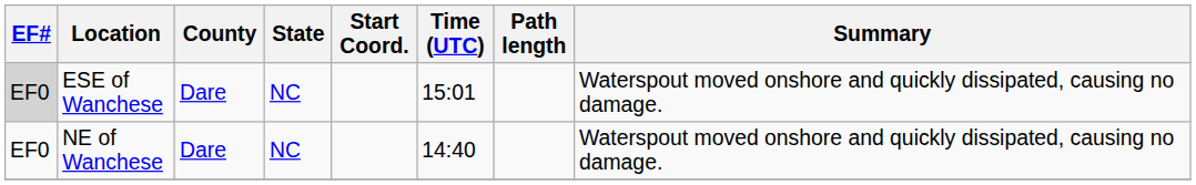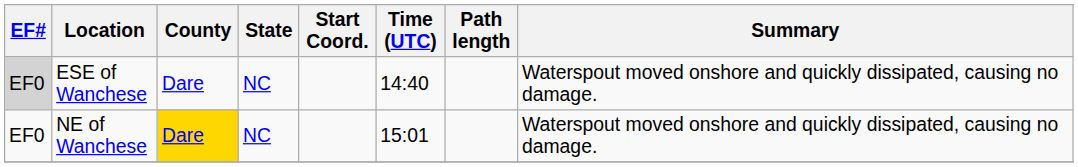 <table class="wikitable sortable" style="width:100%;">
 <tr>
 <th scope="col"  style="width:3%; text-align:center;"><a href='#'>EF#</a></th>
 <th scope="col"  style="width:7%; text-align:center;" class="unsortable">Location</th>
 <th scope="col"  style="width:6%; text-align:center;" class="unsortable">County</th>
 <th scope="col"  style="width:5%; text-align:center;">State</th>
 <th scope="col"  style="width:6%; text-align:center;">Start Coord.</th>
 <th scope="col"  style="width:6%; text-align:center;">Time (<a href='#'>UTC</a>)</th>
 <th scope="col"  style="width:6%; text-align:center;">Path length</th>
 <th scope="col" class="unsortable" style="width:48%; text-align:center;">Summary</th>
 </tr>
 <tr>
 <td style="background: lightgrey;">EF0</td>
 <td>ESE of <a href='#'>Wanchese</a></td>
 <td><a href='#'>Dare</a></td>
 <td><a href='#'>NC</a></td>
 <td></td>
-<td>15:01</td>
+<td>14:40</td>
 <td></td>
 <td>Waterspout moved onshore and quickly dissipated, causing no damage.</td>
 </tr>
 <tr>
 <td>EF0</td>
 <td>NE of <a href='#'>Wanchese</a></td>
-<td><a href='#'>Dare</a></td>
+<td style="background: gold;"><a href='#'>Dare</a></td>
 <td><a href='#'>NC</a></td>
 <td></td>
-<td>14:40</td>
+<td>15:01</td>
 <td></td>
 <td>Waterspout moved onshore and quickly dissipated, causing no damage.</td>
 </tr>
 <tr>
 </tr>
 </table>
